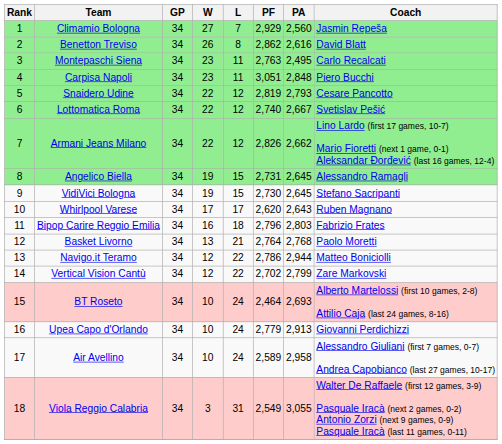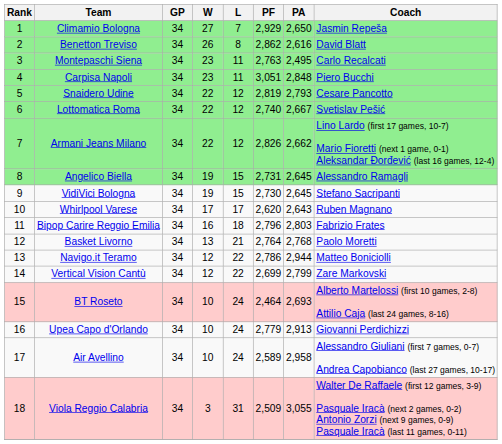 <table class="wikitable" style="text-align: center;">
 <tr>
 <th width=40>Rank</th>
 <th>Team</th>
 <th width=40>GP</th>
 <th width=40>W</th>
 <th width=40>L</th>
 <th width=40>PF</th>
 <th width=40>PA</th>
 <th>Coach</th>
 </tr>
 <tr style="background: #90EE90;">
 <td>1</td>
 <td><a href='#'>Climamio Bologna</a></td>
 <td>34</td>
 <td>27</td>
 <td>7</td>
 <td>2,929</td>
-<td>2,560</td>
+<td>2,650</td>
 <td align="left"> <a href='#'>Jasmin Repeša</a></td>
 </tr>
 <tr style="background: #90EE90;">
 <td>2</td>
 <td><a href='#'>Benetton Treviso</a></td>
 <td>34</td>
 <td>26</td>
 <td>8</td>
 <td>2,862</td>
 <td>2,616</td>
 <td align="left"> <a href='#'>David Blatt</a></td>
 </tr>
 <tr style="background: #90EE90;">
 <td>3</td>
 <td><a href='#'>Montepaschi Siena</a></td>
 <td>34</td>
 <td>23</td>
 <td>11</td>
 <td>2,763</td>
 <td>2,495</td>
 <td align="left"> <a href='#'>Carlo Recalcati</a></td>
 </tr>
 <tr style="background: #90EE90;">
 <td>4</td>
 <td><a href='#'>Carpisa Napoli</a></td>
 <td>34</td>
 <td>23</td>
 <td>11</td>
 <td>3,051</td>
 <td>2,848</td>
 <td align="left"> <a href='#'>Piero Bucchi</a></td>
 </tr>
 <tr style="background: #90EE90;">
 <td>5</td>
 <td><a href='#'>Snaidero Udine</a></td>
 <td>34</td>
 <td>22</td>
 <td>12</td>
 <td>2,819</td>
 <td>2,793</td>
 <td align="left"> <a href='#'>Cesare Pancotto</a></td>
 </tr>
 <tr style="background: #90EE90;">
 <td>6</td>
 <td><a href='#'>Lottomatica Roma</a></td>
 <td>34</td>
 <td>22</td>
 <td>12</td>
 <td>2,740</td>
 <td>2,667</td>
 <td align="left"> <a href='#'>Svetislav Pešić</a></td>
 </tr>
 <tr style="background: #90EE90;">
 <td>7</td>
 <td><a href='#'>Armani Jeans Milano</a></td>
 <td>34</td>
 <td>22</td>
 <td>12</td>
 <td>2,826</td>
 <td>2,662</td>
 <td align="left"> <a href='#'>Lino Lardo</a> <small>(first 17 games, 10-7)</small><br><br> <a href='#'>Mario Fioretti</a> <small>(next 1 game, 0-1)</small><br>  <a href='#'>Aleksandar Đorđević</a> <small>(last 16 games, 12-4)</small></td>
 </tr>
 <tr style="background: #90EE90;">
 <td>8</td>
 <td><a href='#'>Angelico Biella</a></td>
 <td>34</td>
 <td>19</td>
 <td>15</td>
 <td>2,731</td>
 <td>2,645</td>
 <td align="left"> <a href='#'>Alessandro Ramagli</a></td>
 </tr>
 <tr>
 <td>9</td>
 <td><a href='#'>VidiVici Bologna</a></td>
 <td>34</td>
 <td>19</td>
 <td>15</td>
 <td>2,730</td>
 <td>2,645</td>
 <td align="left"> <a href='#'>Stefano Sacripanti</a></td>
 </tr>
 <tr>
 <td>10</td>
 <td><a href='#'>Whirlpool Varese</a></td>
 <td>34</td>
 <td>17</td>
 <td>17</td>
 <td>2,620</td>
 <td>2,643</td>
 <td align="left"> <a href='#'>Ruben Magnano</a></td>
 </tr>
 <tr>
 <td>11</td>
 <td><a href='#'>Bipop Carire Reggio Emilia</a></td>
 <td>34</td>
 <td>16</td>
 <td>18</td>
 <td>2,796</td>
 <td>2,803</td>
 <td align="left"> <a href='#'>Fabrizio Frates</a></td>
 </tr>
 <tr>
 <td>12</td>
 <td><a href='#'>Basket Livorno</a></td>
 <td>34</td>
 <td>13</td>
 <td>21</td>
 <td>2,764</td>
 <td>2,768</td>
 <td align="left"> <a href='#'>Paolo Moretti</a></td>
 </tr>
 <tr>
 <td>13</td>
 <td><a href='#'>Navigo.it Teramo</a></td>
 <td>34</td>
 <td>12</td>
 <td>22</td>
 <td>2,786</td>
 <td>2,944</td>
 <td align="left"> <a href='#'>Matteo Boniciolli</a></td>
 </tr>
 <tr>
 <td>14</td>
 <td><a href='#'>Vertical Vision Cantù</a></td>
 <td>34</td>
 <td>12</td>
 <td>22</td>
-<td>2,702</td>
+<td>2,699</td>
 <td>2,799</td>
 <td align="left"> <a href='#'>Zare Markovski</a></td>
 </tr>
 <tr style="background:#FFCCCC">
 <td>15</td>
 <td><a href='#'>BT Roseto</a></td>
 <td>34</td>
 <td>10</td>
 <td>24</td>
 <td>2,464</td>
 <td>2,693</td>
 <td align="left"> <a href='#'>Alberto Martelossi</a> <small>(first 10 games, 2-8)</small><br><br> <a href='#'>Attilio Caja</a> <small>(last 24 games, 8-16)</small></td>
 </tr>
 <tr>
 <td>16</td>
 <td><a href='#'>Upea Capo d'Orlando</a></td>
 <td>34</td>
 <td>10</td>
 <td>24</td>
 <td>2,779</td>
 <td>2,913</td>
 <td align="left"> <a href='#'>Giovanni Perdichizzi</a></td>
 </tr>
 <tr>
 <td>17</td>
 <td><a href='#'>Air Avellino</a></td>
 <td>34</td>
 <td>10</td>
 <td>24</td>
 <td>2,589</td>
 <td>2,958</td>
 <td align="left"> <a href='#'>Alessandro Giuliani</a> <small>(first 7 games, 0-7)</small><br><br> <a href='#'>Andrea Capobianco</a> <small>(last 27 games, 10-17)</small></td>
 </tr>
 <tr style="background:#FFCCCC">
 <td>18</td>
 <td><a href='#'>Viola Reggio Calabria</a></td>
 <td>34</td>
 <td>3</td>
 <td>31</td>
-<td>2,549</td>
+<td>2,509</td>
 <td>3,055</td>
 <td align="left"> <a href='#'>Walter De Raffaele</a> <small>(first 12 games, 3-9)</small><br><br> <a href='#'>Pasquale Iracà</a> <small>(next 2 games, 0-2)</small><br>  <a href='#'>Antonio Zorzi</a> <small>(next 9 games, 0-9)</small><br>  <a href='#'>Pasquale Iracà</a> <small>(last 11 games, 0-11)</small></td>
 </tr>
 <tr>
 </tr>
 </table>
